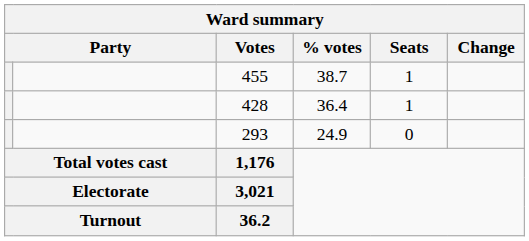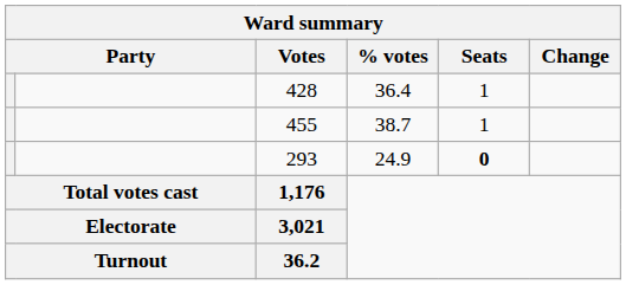 <table class="wikitable" style="font-size: 95%;">
 <tr style="background-color:#E9E9E9">
 <th colspan="6">Ward summary</th>
 </tr>
 <tr style="background-color:#E9E9E9">
 <th colspan="2">Party</th>
 <th style="width: 60px">Votes</th>
 <th style="width: 60px">% votes</th>
 <th style="width: 60px">Seats</th>
 <th style="width: 60px">Change</th>
 </tr>
 <tr>
 <th style="background-color: "></th>
 <td style="width: 170px"><a href='#'></a></td>
+<td align="center">428</td>
+<td align="center">36.4</td>
+<td align="center">1</td>
+<td align="center"></td>
+</tr>
+<tr>
+<th style="background-color: "></th>
+<td style="width: 170px"><a href='#'></a></td>
 <td align="center">455</td>
 <td align="center">38.7</td>
 <td align="center">1</td>
 <td align="center"></td>
 </tr>
 <tr>
 <th style="background-color: "></th>
 <td style="width: 170px"><a href='#'></a></td>
-<td align="center">428</td>
-<td align="center">36.4</td>
-<td align="center">1</td>
-<td align="center"></td>
-</tr>
-<tr>
-<th style="background-color: "></th>
-<td style="width: 170px"><a href='#'></a></td>
 <td align="center">293</td>
 <td align="center">24.9</td>
-<td align="center">0</td>
+<td align="center"><strong>0</strong></td>
 <td align="center"></td>
 </tr>
 <tr style="background-color:#E9E9E9">
 <th colspan="2">Total votes cast</th>
 <th style="width: 60px">1,176</th>
 </tr>
 <tr style="background-color:#E9E9E9">
 <th colspan="2">Electorate</th>
 <th style="width: 60px">3,021</th>
 </tr>
 <tr style="background-color:#E9E9E9">
 <th colspan="2">Turnout</th>
 <th style="width: 60px">36.2</th>
 </tr>
 </table>
